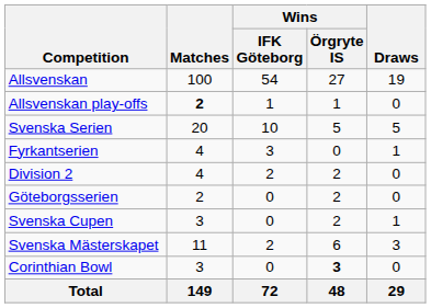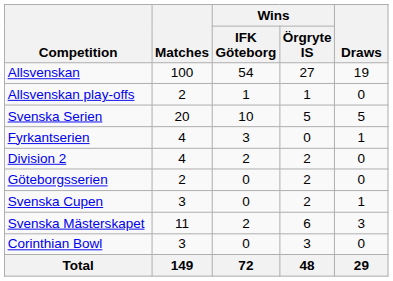 <table class="wikitable" style="font-size:90%; text-align: center">
 <tr>
 <th rowspan="2" valign="bottom" width="150">Competition</th>
 <th rowspan="2" valign="bottom" width="50">Matches</th>
 <th colspan="2" valign="bottom">Wins</th>
 <th rowspan="2" valign="bottom" width="50">Draws</th>
 </tr>
 <tr>
 <th width="50">IFK Göteborg</th>
 <th width="50">Örgryte IS</th>
 </tr>
 <tr>
 <td align="left"><a href='#'>Allsvenskan</a></td>
 <td>100</td>
 <td>54</td>
 <td>27</td>
 <td>19</td>
 </tr>
 <tr>
 <td align="left"><a href='#'>Allsvenskan play-offs</a></td>
-<td><strong>2</strong></td>
+<td>2</td>
 <td>1</td>
 <td>1</td>
 <td>0</td>
 </tr>
 <tr>
 <td align="left"><a href='#'>Svenska Serien</a></td>
 <td>20</td>
 <td>10</td>
 <td>5</td>
 <td>5</td>
 </tr>
 <tr>
 <td align="left"><a href='#'>Fyrkantserien</a></td>
 <td>4</td>
 <td>3</td>
 <td>0</td>
 <td>1</td>
 </tr>
 <tr>
 <td align="left"><a href='#'>Division 2</a></td>
 <td>4</td>
 <td>2</td>
 <td>2</td>
 <td>0</td>
 </tr>
 <tr>
 <td align="left"><a href='#'>Göteborgsserien</a></td>
 <td>2</td>
 <td>0</td>
 <td>2</td>
 <td>0</td>
 </tr>
 <tr>
 <td align="left"><a href='#'>Svenska Cupen</a></td>
 <td>3</td>
 <td>0</td>
 <td>2</td>
 <td>1</td>
 </tr>
 <tr>
 <td align="left"><a href='#'>Svenska Mästerskapet</a></td>
 <td>11</td>
 <td>2</td>
 <td>6</td>
 <td>3</td>
 </tr>
 <tr>
 <td align="left"><a href='#'>Corinthian Bowl</a></td>
 <td>3</td>
 <td>0</td>
-<td><strong>3</strong></td>
+<td>3</td>
 <td>0</td>
 </tr>
 <tr>
 <th>Total</th>
 <th>149</th>
 <th>72</th>
 <th>48</th>
 <th>29</th>
 </tr>
 </table>
